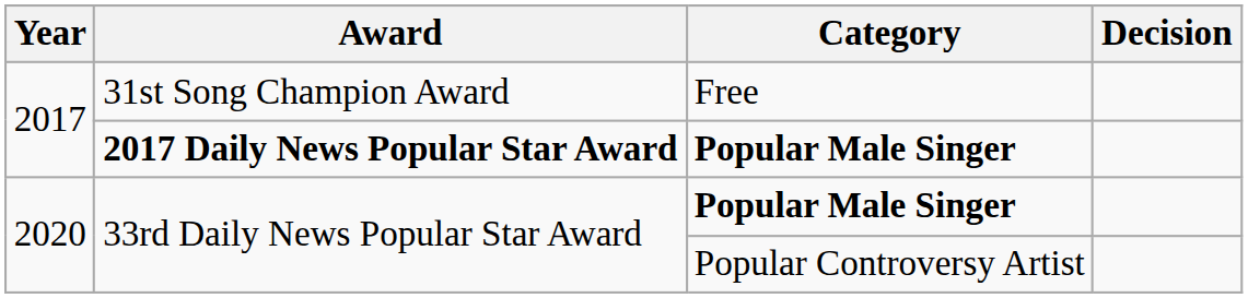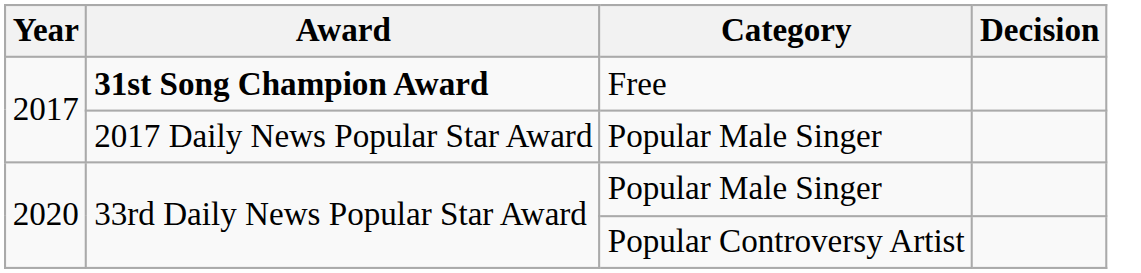 <table class="wikitable">
 <tr>
 <th>Year</th>
 <th>Award</th>
 <th>Category</th>
 <th>Decision</th>
 </tr>
 <tr>
 <td rowspan="2">2017</td>
-<td>31st Song Champion Award</td>
+<td><strong>31st Song Champion Award</strong></td>
 <td>Free</td>
 <td></td>
 </tr>
 <tr>
-<td><strong>2017 Daily News Popular Star Award</strong></td>
-<td><strong>Popular Male Singer</strong></td>
+<td>2017 Daily News Popular Star Award</td>
+<td>Popular Male Singer</td>
 <td></td>
 </tr>
 <tr>
 <td rowspan="2">2020</td>
 <td rowspan="2">33rd Daily News Popular Star Award</td>
-<td><strong>Popular Male Singer</strong></td>
+<td>Popular Male Singer</td>
 <td></td>
 </tr>
 <tr>
 <td>Popular Controversy Artist</td>
 <td></td>
 </tr>
 </table>
